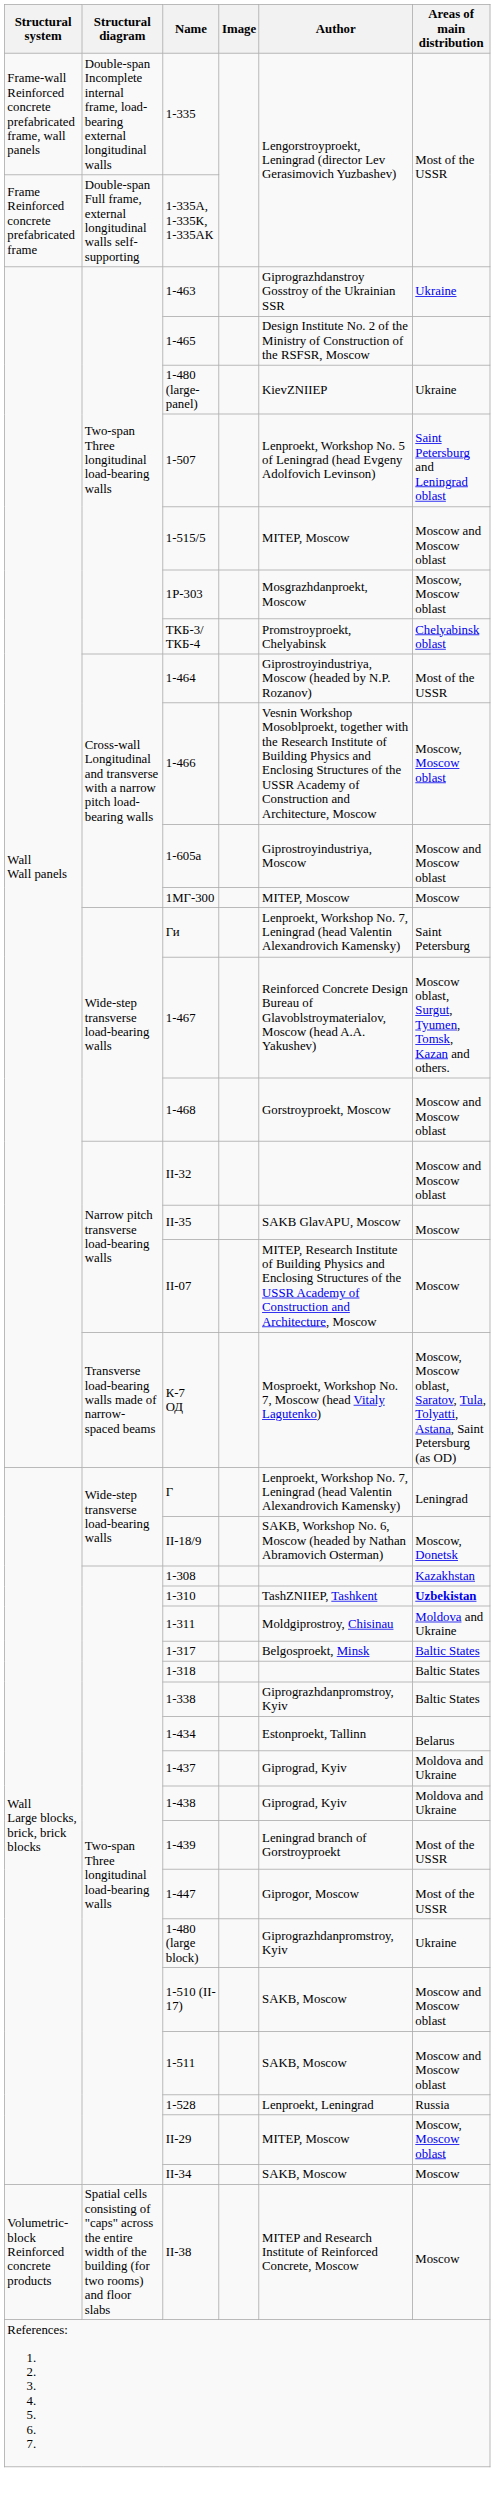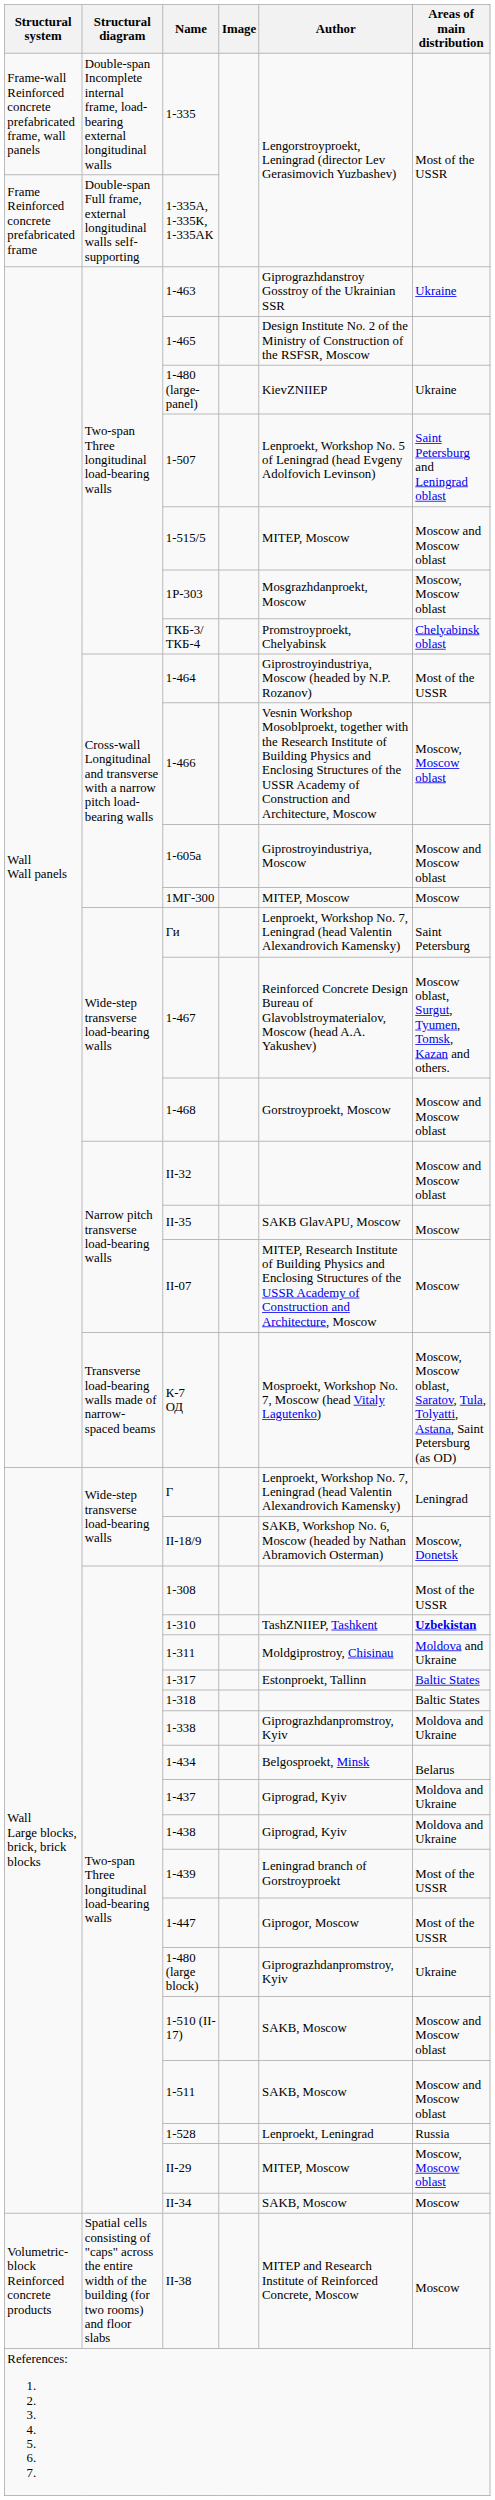 <table class="wikitable mw-collapsible mw-collapsed">
 <tr>
 <th>Structural system</th>
 <th>Structural diagram</th>
 <th>Name</th>
 <th>Image</th>
 <th>Author</th>
 <th>Areas of main distribution</th>
 </tr>
 <tr>
 <td>Frame-wall<br>Reinforced concrete prefabricated frame, wall panels</td>
 <td>Double-span<br>Incomplete internal frame, load-bearing external longitudinal walls</td>
 <td>1-335</td>
 <td rowspan="2"></td>
 <td rowspan="2">Lengorstroyproekt, Leningrad (director Lev Gerasimovich Yuzbashev)</td>
 <td rowspan="2"><br>Most of the USSR</td>
 </tr>
 <tr>
 <td>Frame<br>Reinforced concrete prefabricated frame</td>
 <td>Double-span<br>Full frame, external longitudinal walls self-supporting</td>
 <td>1-335А, 1-335К, 1-335АК</td>
 </tr>
 <tr>
 <td rowspan="18">Wall<br>Wall panels</td>
 <td rowspan="7">Two-span<br>Three longitudinal load-bearing walls</td>
 <td>1-463</td>
 <td></td>
 <td>Giprograzhdanstroy Gosstroy of the Ukrainian SSR</td>
 <td><a href='#'>Ukraine</a></td>
 </tr>
 <tr>
 <td>1-465</td>
 <td></td>
 <td>Design Institute No. 2 of the Ministry of Construction of the RSFSR, Moscow</td>
 <td></td>
 </tr>
 <tr>
 <td>1-480<br>(large-panel)</td>
 <td></td>
 <td>KievZNIIEP</td>
 <td>Ukraine</td>
 </tr>
 <tr>
 <td>1-507</td>
 <td></td>
 <td>Lenproekt, Workshop No. 5 of Leningrad (head Evgeny Adolfovich Levinson)</td>
 <td><br><a href='#'>Saint Petersburg</a> and <a href='#'>Leningrad oblast</a></td>
 </tr>
 <tr>
 <td>1-515/5</td>
 <td></td>
 <td>MITEP, Moscow</td>
 <td><br>Moscow and Moscow oblast</td>
 </tr>
 <tr>
 <td>1Р-303</td>
 <td></td>
 <td>Mosgrazhdanproekt, Moscow</td>
 <td>Moscow, Moscow oblast</td>
 </tr>
 <tr>
 <td>ТКБ-3/ТКБ-4</td>
 <td></td>
 <td>Promstroyproekt, Chelyabinsk</td>
 <td><a href='#'>Chelyabinsk oblast</a></td>
 </tr>
 <tr>
 <td rowspan="4">Cross-wall<br>Longitudinal and transverse with a narrow pitch load-bearing walls</td>
 <td>1-464</td>
 <td></td>
 <td>Giprostroyindustriya, Moscow (headed by N.P. Rozanov)</td>
 <td><br>Most of the USSR</td>
 </tr>
 <tr>
 <td>1-466</td>
 <td></td>
 <td>Vesnin Workshop Mosoblproekt, together with the Research Institute of Building Physics and Enclosing Structures of the USSR Academy of Construction and Architecture, Moscow</td>
 <td>Moscow, <a href='#'>Moscow oblast</a></td>
 </tr>
 <tr>
 <td>1-605а</td>
 <td></td>
 <td>Giprostroyindustriya, Moscow</td>
 <td><br>Moscow and Moscow oblast</td>
 </tr>
 <tr>
 <td>1МГ-300</td>
 <td></td>
 <td>MITEP, Moscow</td>
 <td>Moscow</td>
 </tr>
 <tr>
 <td rowspan="3">Wide-step transverse load-bearing walls</td>
 <td>Ги</td>
 <td></td>
 <td>Lenproekt, Workshop No. 7, Leningrad (head Valentin Alexandrovich Kamensky)</td>
 <td><br>Saint Petersburg</td>
 </tr>
 <tr>
 <td>1-467</td>
 <td></td>
 <td>Reinforced Concrete Design Bureau of Glavoblstroymaterialov, Moscow (head A.A. Yakushev)</td>
 <td><br>Moscow oblast, <a href='#'>Surgut</a>, <a href='#'>Tyumen</a>, <a href='#'>Tomsk</a>, <a href='#'>Kazan</a> and others.</td>
 </tr>
 <tr>
 <td>1-468</td>
 <td></td>
 <td>Gorstroyproekt, Moscow</td>
 <td><br>Moscow and Moscow oblast</td>
 </tr>
 <tr>
 <td rowspan="3">Narrow pitch transverse load-bearing walls</td>
 <td>II-32</td>
 <td></td>
 <td></td>
 <td><br>Moscow and Moscow oblast</td>
 </tr>
 <tr>
 <td>II-35</td>
 <td></td>
 <td>SAKB GlavAPU, Moscow</td>
 <td><br>Moscow</td>
 </tr>
 <tr>
 <td>II-07</td>
 <td></td>
 <td>MITEP, Research Institute of Building Physics and Enclosing Structures of the <a href='#'>USSR Academy of Construction and Architecture</a>, Moscow</td>
 <td>Moscow</td>
 </tr>
 <tr>
 <td>Transverse load-bearing walls made of narrow-spaced beams</td>
 <td>К-7<br>ОД</td>
 <td></td>
 <td>Mosproekt, Workshop No. 7, Moscow (head <a href='#'>Vitaly Lagutenko</a>)</td>
 <td><br>Moscow, Moscow oblast, <a href='#'>Saratov</a>, <a href='#'>Tula</a>, <a href='#'>Tolyatti</a>, <a href='#'>Astana</a>, Saint Petersburg (as OD)</td>
 </tr>
 <tr>
 <td rowspan="19">Wall<br>Large blocks, brick, brick blocks</td>
 <td rowspan="2">Wide-step transverse load-bearing walls</td>
 <td>Г</td>
 <td></td>
 <td>Lenproekt, Workshop No. 7, Leningrad (head Valentin Alexandrovich Kamensky)</td>
 <td><br>Leningrad</td>
 </tr>
 <tr>
 <td>II-18/9</td>
 <td></td>
 <td>SAKB, Workshop No. 6, Moscow (headed by Nathan Abramovich Osterman)</td>
 <td><br>Moscow, <a href='#'>Donetsk</a></td>
 </tr>
 <tr>
 <td rowspan="17">Two-span<br>Three longitudinal load-bearing walls</td>
 <td>1-308</td>
 <td></td>
 <td></td>
-<td><a href='#'>Kazakhstan</a></td>
+<td><br>Most of the USSR</td>
 </tr>
 <tr>
 <td>1-310</td>
 <td></td>
 <td>TashZNIIEP, <a href='#'>Tashkent</a></td>
 <td><strong><a href='#'>Uzbekistan</a></strong></td>
 </tr>
 <tr>
 <td>1-311</td>
 <td></td>
 <td>Moldgiprostroy, <a href='#'>Chisinau</a></td>
 <td><a href='#'>Moldova</a> and Ukraine</td>
 </tr>
 <tr>
 <td>1-317</td>
 <td></td>
-<td>Belgosproekt, <a href='#'>Minsk</a></td>
+<td>Estonproekt, Tallinn</td>
 <td><a href='#'>Baltic States</a></td>
 </tr>
 <tr>
 <td>1-318</td>
 <td></td>
 <td></td>
 <td>Baltic States</td>
 </tr>
 <tr>
 <td>1-338</td>
 <td></td>
 <td>Giprograzhdanpromstroy, Kyiv</td>
-<td>Baltic States</td>
+<td>Moldova and Ukraine</td>
 </tr>
 <tr>
 <td>1-434</td>
 <td></td>
-<td>Estonproekt, Tallinn</td>
+<td>Belgosproekt, <a href='#'>Minsk</a></td>
 <td><br>Belarus</td>
 </tr>
 <tr>
 <td>1-437</td>
 <td></td>
 <td>Giprograd, Kyiv</td>
 <td>Moldova and Ukraine</td>
 </tr>
 <tr>
 <td>1-438</td>
 <td></td>
 <td>Giprograd, Kyiv</td>
 <td>Moldova and Ukraine</td>
 </tr>
 <tr>
 <td>1-439</td>
 <td></td>
 <td>Leningrad branch of Gorstroyproekt</td>
 <td><br>Most of the USSR</td>
 </tr>
 <tr>
 <td>1-447</td>
 <td></td>
 <td>Giprogor, Moscow</td>
 <td><br>Most of the USSR</td>
 </tr>
 <tr>
 <td>1-480<br>(large block)</td>
 <td></td>
 <td>Giprograzhdanpromstroy, Kyiv</td>
 <td>Ukraine</td>
 </tr>
 <tr>
 <td>1-510 (II-17)</td>
 <td></td>
 <td>SAKB, Moscow</td>
 <td><br>Moscow and Moscow oblast</td>
 </tr>
 <tr>
 <td>1-511</td>
 <td></td>
 <td>SAKB, Moscow</td>
 <td><br>Moscow and Moscow oblast</td>
 </tr>
 <tr>
 <td>1-528</td>
 <td><br></td>
 <td>Lenproekt, Leningrad</td>
 <td>Russia</td>
 </tr>
 <tr>
 <td>II-29</td>
 <td></td>
 <td>MITEP, Moscow</td>
 <td>Moscow, <a href='#'>Moscow oblast</a></td>
 </tr>
 <tr>
 <td>II-34</td>
 <td></td>
 <td>SAKB, Moscow</td>
 <td>Moscow</td>
 </tr>
 <tr>
 <td>Volumetric-block<br>Reinforced concrete products</td>
 <td>Spatial cells consisting of "caps" across the entire width of the building (for two rooms) and floor slabs</td>
 <td>II-38</td>
 <td></td>
 <td>MITEP and Research Institute of Reinforced Concrete, Moscow</td>
 <td><br>Moscow</td>
 </tr>
 <tr>
 <td colspan="6">References:<br><ol><li></li><li></li><li></li><li></li><li></li><li></li><li></li></ol></td>
 </tr>
 </table>
